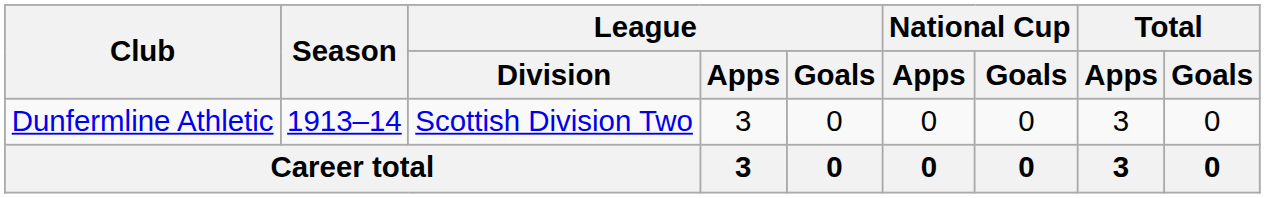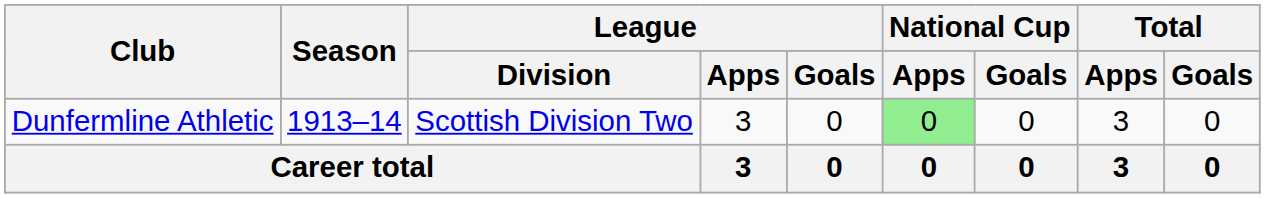 <table class="wikitable" style="text-align: center">
 <tr>
 <th rowspan="2">Club</th>
 <th rowspan="2">Season</th>
 <th colspan="3">League</th>
 <th colspan="2">National Cup</th>
 <th colspan="2">Total</th>
 </tr>
 <tr>
 <th>Division</th>
 <th>Apps</th>
 <th>Goals</th>
 <th>Apps</th>
 <th>Goals</th>
 <th>Apps</th>
 <th>Goals</th>
 </tr>
 <tr>
 <td><a href='#'>Dunfermline Athletic</a></td>
 <td><a href='#'>1913–14</a></td>
 <td><a href='#'>Scottish Division Two</a></td>
 <td>3</td>
 <td>0</td>
-<td>0</td>
+<td style="background: lightgreen;">0</td>
 <td>0</td>
 <td>3</td>
 <td>0</td>
 </tr>
 <tr>
 <th colspan="3">Career total</th>
 <th>3</th>
 <th>0</th>
 <th>0</th>
 <th>0</th>
 <th>3</th>
 <th>0</th>
 </tr>
 </table>
